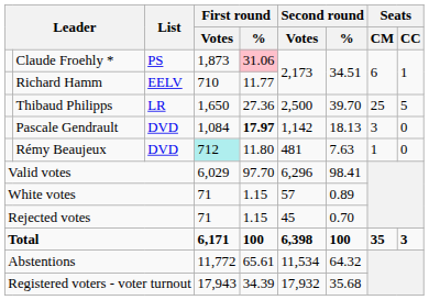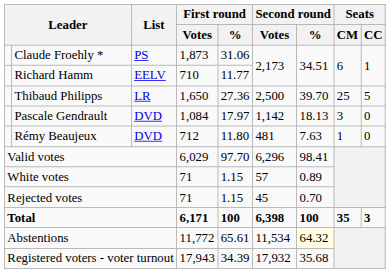 <table class="wikitable">
 <tr>
 <th colspan="2" rowspan="2">Leader</th>
 <th rowspan="2">List</th>
 <th colspan="2">First round</th>
 <th colspan="2">Second round</th>
 <th colspan="2">Seats</th>
 </tr>
 <tr>
 <th>Votes</th>
 <th>%</th>
 <th>Votes</th>
 <th>%</th>
 <th>CM</th>
 <th>CC</th>
 </tr>
 <tr>
 <td bgcolor=></td>
 <td>Claude Froehly *</td>
 <td><a href='#'>PS</a></td>
 <td>1,873</td>
-<td style="background: pink;">31.06</td>
+<td>31.06</td>
 <td rowspan="2">2,173</td>
 <td rowspan="2">34.51</td>
 <td rowspan="2">6</td>
 <td rowspan="2">1</td>
 </tr>
 <tr>
 <td bgcolor=></td>
 <td>Richard Hamm</td>
 <td><a href='#'>EELV</a></td>
 <td>710</td>
 <td>11.77</td>
 </tr>
 <tr>
 <td bgcolor=></td>
 <td>Thibaud Philipps</td>
 <td><a href='#'>LR</a></td>
 <td>1,650</td>
 <td>27.36</td>
 <td>2,500</td>
 <td>39.70</td>
 <td>25</td>
 <td>5</td>
 </tr>
 <tr>
 <td bgcolor=></td>
 <td>Pascale Gendrault</td>
 <td><a href='#'>DVD</a></td>
 <td>1,084</td>
-<td><strong>17.97</strong></td>
+<td>17.97</td>
 <td>1,142</td>
 <td>18.13</td>
 <td>3</td>
 <td>0</td>
 </tr>
 <tr>
 <td bgcolor=></td>
 <td>Rémy Beaujeux</td>
 <td><a href='#'>DVD</a></td>
-<td style="background: paleturquoise;">712</td>
+<td>712</td>
 <td>11.80</td>
 <td>481</td>
 <td>7.63</td>
 <td>1</td>
 <td>0</td>
 </tr>
 <tr>
 <td colspan="3">Valid votes</td>
 <td>6,029</td>
 <td>97.70</td>
 <td>6,296</td>
 <td>98.41</td>
 <th colspan="2" rowspan="3"></th>
 </tr>
 <tr>
 <td colspan="3">White votes</td>
 <td>71</td>
 <td>1.15</td>
 <td>57</td>
 <td>0.89</td>
 </tr>
 <tr>
 <td colspan="3">Rejected votes</td>
 <td>71</td>
 <td>1.15</td>
 <td>45</td>
 <td>0.70</td>
 </tr>
 <tr>
 <td colspan="3"><strong>Total</strong></td>
 <td><strong>6,171</strong></td>
 <td><strong>100</strong></td>
 <td><strong>6,398</strong></td>
 <td><strong>100</strong></td>
 <td><strong>35</strong></td>
 <td><strong>3</strong></td>
 </tr>
 <tr>
 <td colspan="3">Abstentions</td>
 <td>11,772</td>
 <td>65.61</td>
 <td>11,534</td>
-<td>64.32</td>
+<td style="background: lightyellow;">64.32</td>
 <th colspan="2" rowspan="2"></th>
 </tr>
 <tr>
 <td colspan="3">Registered voters - voter turnout</td>
 <td>17,943</td>
 <td>34.39</td>
 <td>17,932</td>
 <td>35.68</td>
 </tr>
 </table>
